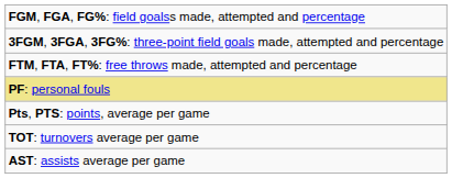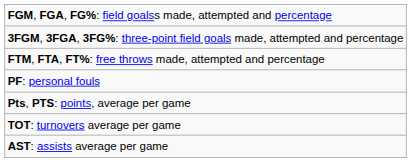 <table class="wikitable" style="margin:1em auto;">
 <tr>
 <td><small><strong>FGM</strong>, <strong>FGA</strong>, <strong>FG%</strong>: <a href='#'>field goals</a>s made, attempted and <a href='#'>percentage</a></small></td>
 </tr>
 <tr>
 <td><small><strong>3FGM</strong>, <strong>3FGA</strong>, <strong>3FG%</strong>: <a href='#'>three-point field goals</a> made, attempted and percentage</small></td>
 </tr>
 <tr>
 <td><small><strong>FTM</strong>, <strong>FTA</strong>, <strong>FT%</strong>: <a href='#'>free throws</a> made, attempted and percentage</small></td>
 </tr>
 <tr>
-<td style="background: khaki;"><small><strong>PF</strong>: <a href='#'>personal fouls</a></small></td>
+<td><small><strong>PF</strong>: <a href='#'>personal fouls</a></small></td>
 </tr>
 <tr>
 <td><small><strong>Pts</strong>, <strong>PTS</strong>: <a href='#'>points</a>, average per game</small></td>
 </tr>
 <tr>
 <td><small><strong>TOT</strong>: <a href='#'>turnovers</a> average per game</small></td>
 </tr>
 <tr>
 <td><small><strong>AST</strong>: <a href='#'>assists</a> average per game</small></td>
 </tr>
 </table>
